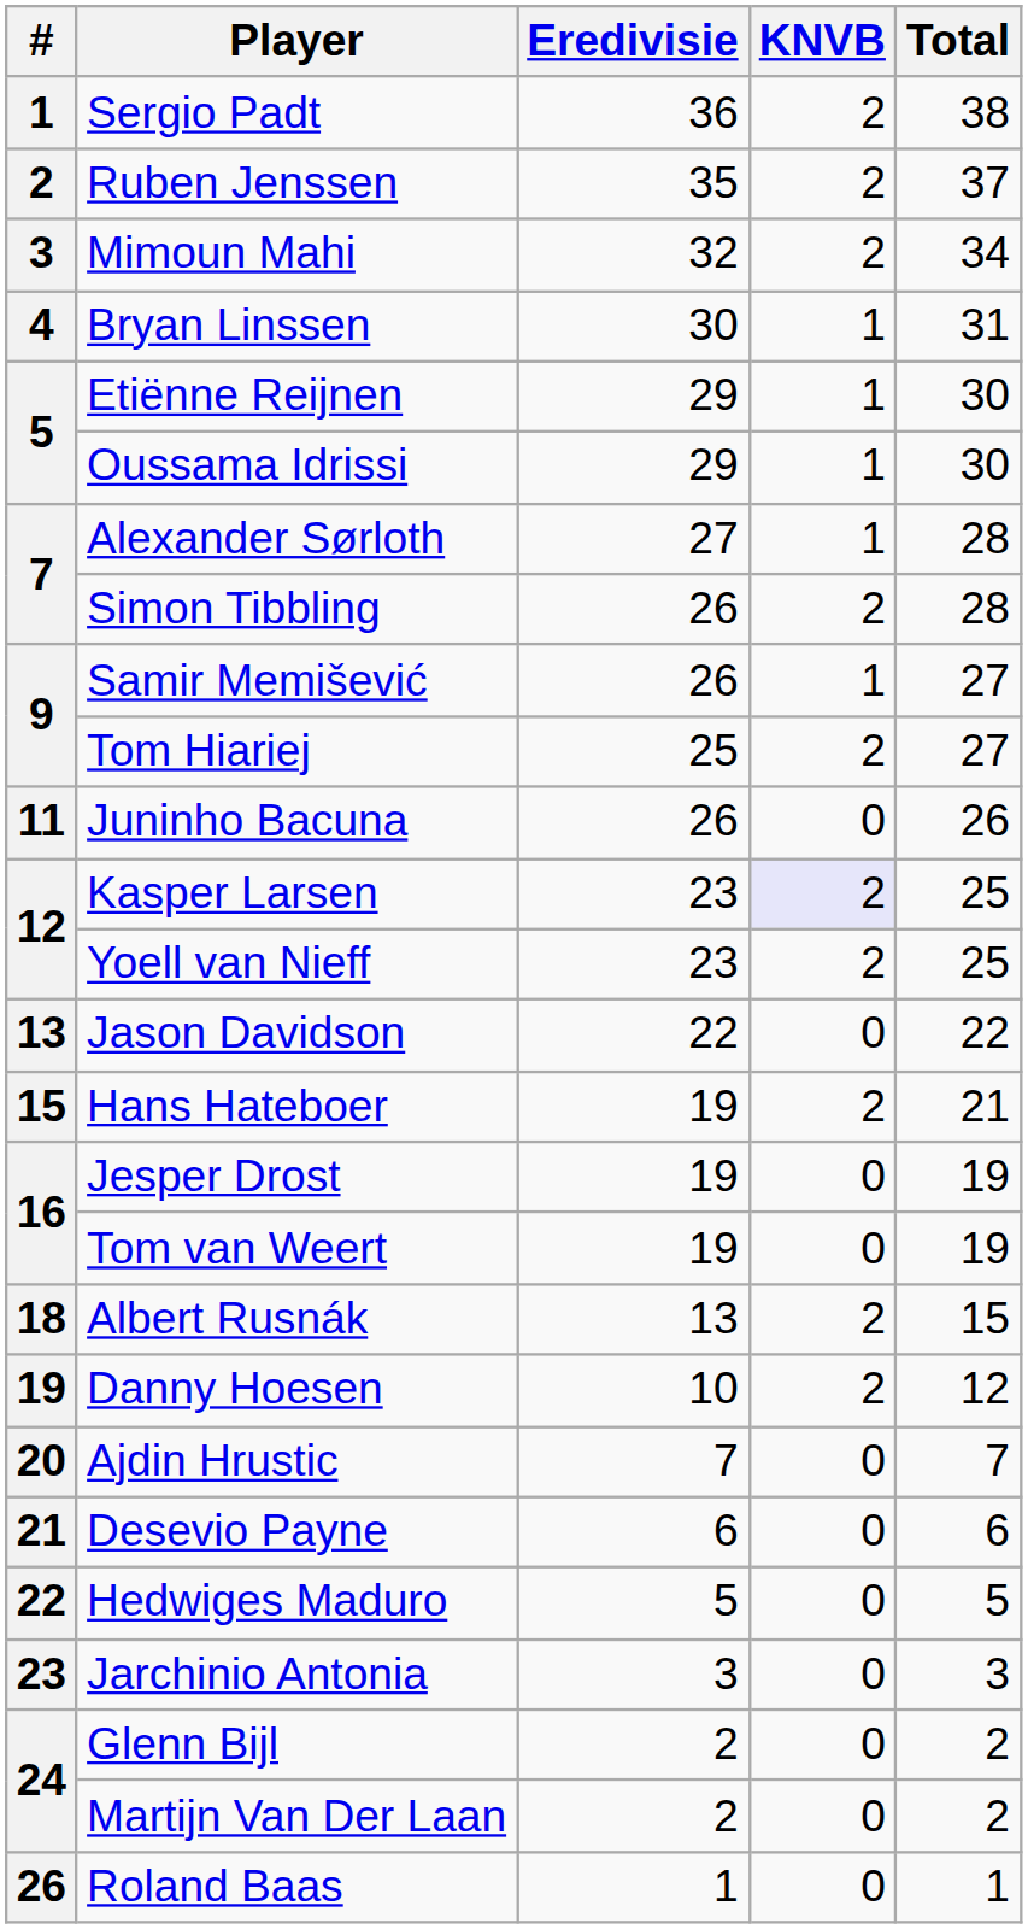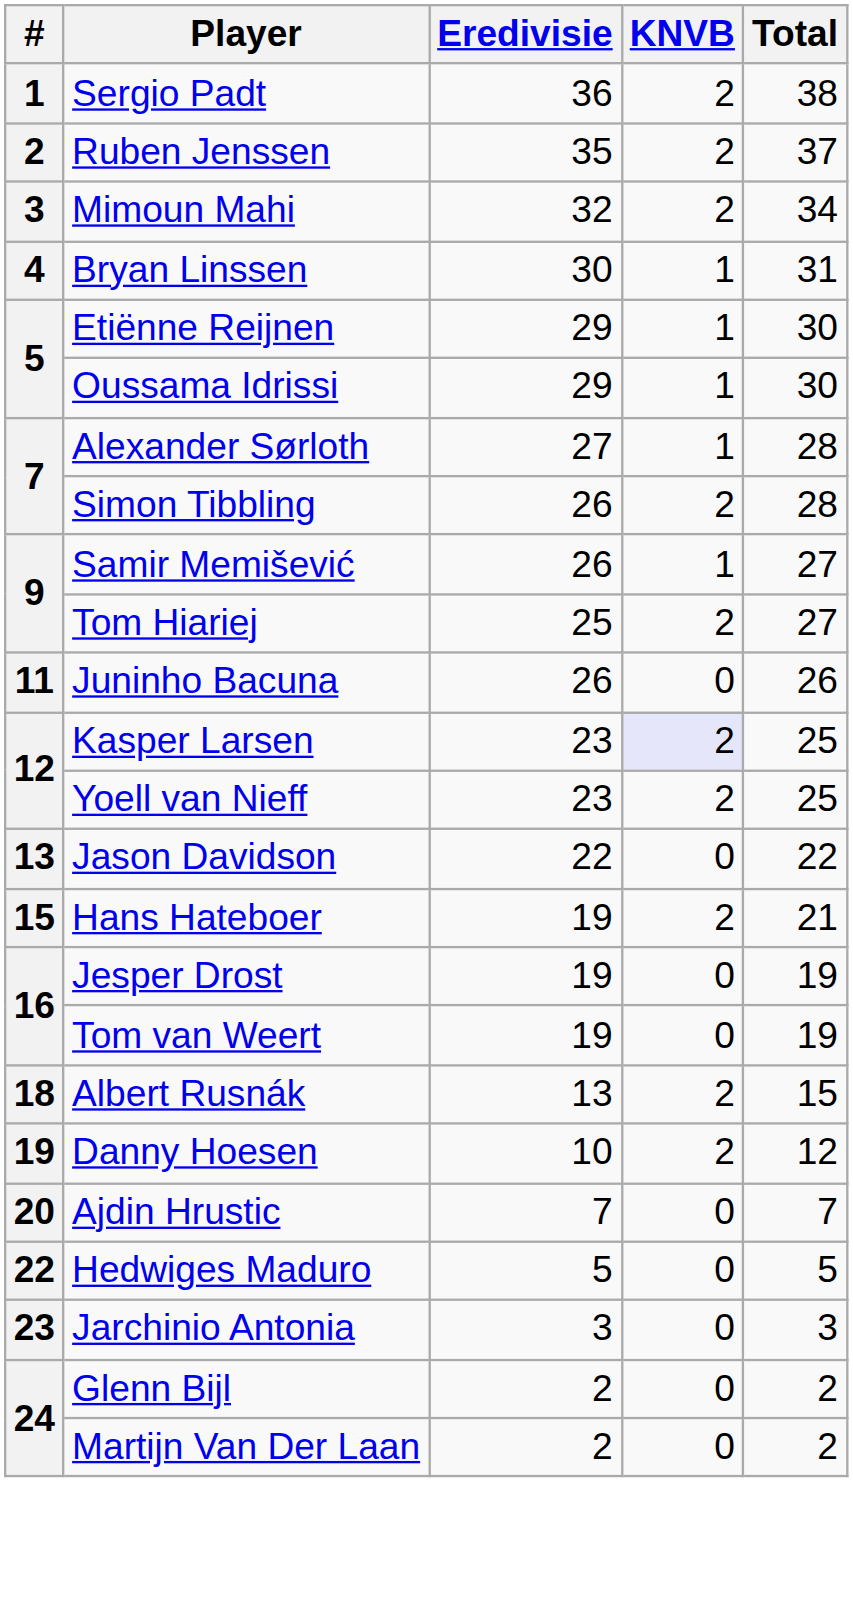 <table class="wikitable" style="text-align:right;">
 <tr>
 <th>#</th>
 <th>Player</th>
 <th><a href='#'>Eredivisie</a></th>
 <th><a href='#'>KNVB</a></th>
 <th>Total</th>
 </tr>
 <tr>
 <th align=center>1</th>
 <td align=left> <a href='#'>Sergio Padt</a></td>
 <td>36</td>
 <td>2</td>
 <td>38</td>
 </tr>
 <tr>
 <th align=center>2</th>
 <td align=left> <a href='#'>Ruben Jenssen</a></td>
 <td>35</td>
 <td>2</td>
 <td>37</td>
 </tr>
 <tr>
 <th align=center>3</th>
 <td align=left> <a href='#'>Mimoun Mahi</a></td>
 <td>32</td>
 <td>2</td>
 <td>34</td>
 </tr>
 <tr>
 <th align=center>4</th>
 <td align=left> <a href='#'>Bryan Linssen</a></td>
 <td>30</td>
 <td>1</td>
 <td>31</td>
 </tr>
 <tr>
 <th rowspan=2 align=center>5</th>
 <td align=left> <a href='#'>Etiënne Reijnen</a></td>
 <td>29</td>
 <td>1</td>
 <td>30</td>
 </tr>
 <tr>
 <td align=left> <a href='#'>Oussama Idrissi</a></td>
 <td>29</td>
 <td>1</td>
 <td>30</td>
 </tr>
 <tr>
 <th rowspan=2 align=center>7</th>
 <td align=left> <a href='#'>Alexander Sørloth</a></td>
 <td>27</td>
 <td>1</td>
 <td>28</td>
 </tr>
 <tr>
 <td align=left> <a href='#'>Simon Tibbling</a></td>
 <td>26</td>
 <td>2</td>
 <td>28</td>
 </tr>
 <tr>
 <th rowspan=2 align=center>9</th>
 <td align=left> <a href='#'>Samir Memišević</a></td>
 <td>26</td>
 <td>1</td>
 <td>27</td>
 </tr>
 <tr>
 <td align=left> <a href='#'>Tom Hiariej</a></td>
 <td>25</td>
 <td>2</td>
 <td>27</td>
 </tr>
 <tr>
 <th align=center>11</th>
 <td align=left> <a href='#'>Juninho Bacuna</a></td>
 <td>26</td>
 <td>0</td>
 <td>26</td>
 </tr>
 <tr>
 <th rowspan=2 align=center>12</th>
 <td align=left> <a href='#'>Kasper Larsen</a></td>
 <td>23</td>
 <td style="background: lavender;">2</td>
 <td>25</td>
 </tr>
 <tr>
 <td align=left> <a href='#'>Yoell van Nieff</a></td>
 <td>23</td>
 <td>2</td>
 <td>25</td>
 </tr>
 <tr>
 <th align=center>13</th>
 <td align=left> <a href='#'>Jason Davidson</a></td>
 <td>22</td>
 <td>0</td>
 <td>22</td>
 </tr>
 <tr>
 <th align=center>15</th>
 <td align=left> <a href='#'>Hans Hateboer</a></td>
 <td>19</td>
 <td>2</td>
 <td>21</td>
 </tr>
 <tr>
 <th rowspan=2 align=center>16</th>
 <td align=left> <a href='#'>Jesper Drost</a></td>
 <td>19</td>
 <td>0</td>
 <td>19</td>
 </tr>
 <tr>
 <td align=left> <a href='#'>Tom van Weert</a></td>
 <td>19</td>
 <td>0</td>
 <td>19</td>
 </tr>
 <tr>
 <th align=center>18</th>
 <td align=left> <a href='#'>Albert Rusnák</a></td>
 <td>13</td>
 <td>2</td>
 <td>15</td>
 </tr>
 <tr>
 <th align=center>19</th>
 <td align=left> <a href='#'>Danny Hoesen</a></td>
 <td>10</td>
 <td>2</td>
 <td>12</td>
 </tr>
 <tr>
 <th align=center>20</th>
 <td align=left> <a href='#'>Ajdin Hrustic</a></td>
 <td>7</td>
 <td>0</td>
 <td>7</td>
 </tr>
 <tr>
-<th align=center>21</th>
-<td align=left> <a href='#'>Desevio Payne</a></td>
-<td>6</td>
-<td>0</td>
-<td>6</td>
-</tr>
-<tr>
 <th align=center>22</th>
 <td align=left> <a href='#'>Hedwiges Maduro</a></td>
 <td>5</td>
 <td>0</td>
 <td>5</td>
 </tr>
 <tr>
 <th align=center>23</th>
 <td align=left> <a href='#'>Jarchinio Antonia</a></td>
 <td>3</td>
 <td>0</td>
 <td>3</td>
 </tr>
 <tr>
 <th rowspan=2 align=center>24</th>
 <td align=left> <a href='#'>Glenn Bijl</a></td>
 <td>2</td>
 <td>0</td>
 <td>2</td>
 </tr>
 <tr>
 <td align=left> <a href='#'>Martijn Van Der Laan</a></td>
 <td>2</td>
 <td>0</td>
 <td>2</td>
 </tr>
-<tr>
-<th align=center>26</th>
-<td align=left> <a href='#'>Roland Baas</a></td>
-<td>1</td>
-<td>0</td>
-<td>1</td>
-</tr>
 </table>
